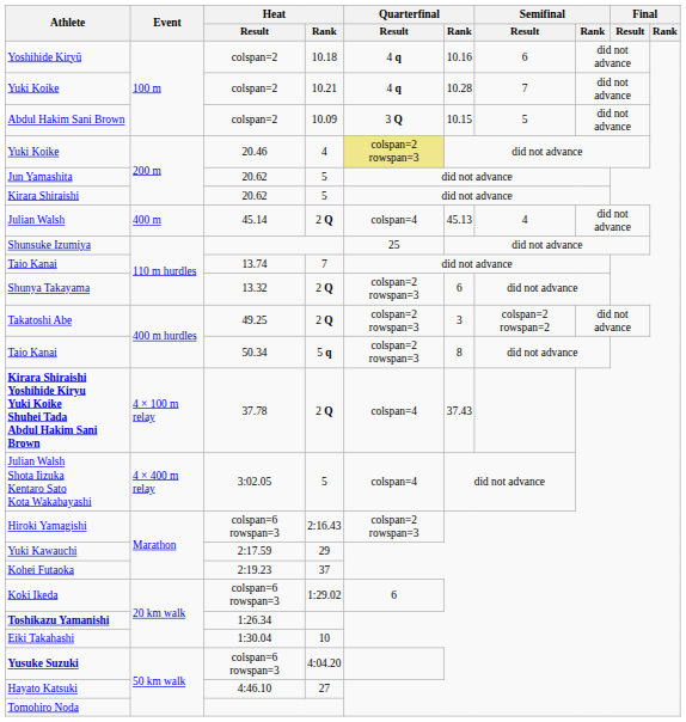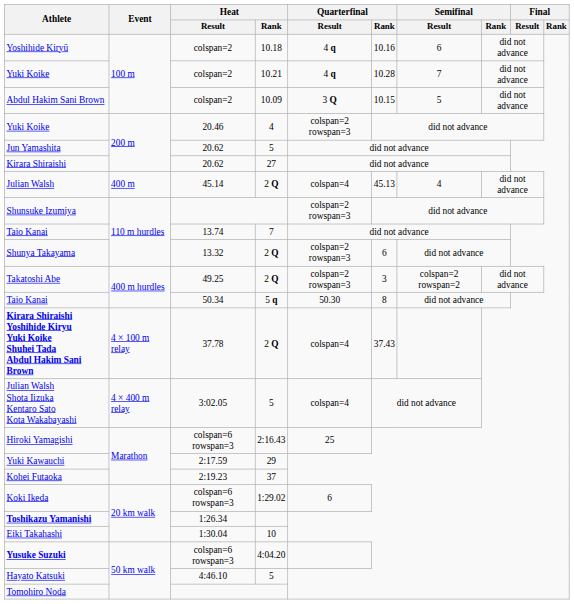 <table class="wikitable" style="font-size:90%">
 <tr>
 <th rowspan="2">Athlete</th>
 <th rowspan="2">Event</th>
 <th colspan="2">Heat</th>
 <th colspan="2">Quarterfinal</th>
 <th colspan="2">Semifinal</th>
 <th colspan="2">Final</th>
 </tr>
 <tr style="font-size:95%">
 <th>Result</th>
 <th>Rank</th>
 <th>Result</th>
 <th>Rank</th>
 <th>Result</th>
 <th>Rank</th>
 <th>Result</th>
 <th>Rank</th>
 </tr>
 <tr align=center>
 <td align=left><a href='#'>Yoshihide Kiryū</a></td>
 <td align=left rowspan=3><a href='#'>100 m</a></td>
 <td>colspan=2 </td>
 <td>10.18</td>
 <td>4 <strong>q</strong></td>
 <td>10.16</td>
 <td>6</td>
 <td colspan="2">did not advance</td>
 </tr>
 <tr align=center>
 <td align=left><a href='#'>Yuki Koike</a></td>
 <td>colspan=2 </td>
 <td>10.21</td>
 <td>4 <strong>q</strong></td>
 <td>10.28</td>
 <td>7</td>
 <td colspan="2">did not advance</td>
 </tr>
 <tr align=center>
 <td align=left><a href='#'>Abdul Hakim Sani Brown</a></td>
 <td>colspan=2 </td>
 <td>10.09</td>
 <td>3 <strong>Q</strong></td>
 <td>10.15</td>
 <td>5</td>
 <td colspan="2">did not advance</td>
 </tr>
 <tr align=center>
 <td align=left><a href='#'>Yuki Koike</a></td>
 <td align=left rowspan=3><a href='#'>200 m</a></td>
 <td>20.46</td>
 <td>4</td>
-<td style="background: khaki;">colspan=2 rowspan=3 </td>
+<td>colspan=2 rowspan=3 </td>
 <td colspan="4">did not advance</td>
 </tr>
 <tr align=center>
 <td align=left><a href='#'>Jun Yamashita</a></td>
 <td>20.62</td>
 <td>5</td>
 <td colspan="4">did not advance</td>
 </tr>
 <tr align=center>
 <td align=left><a href='#'>Kirara Shiraishi</a></td>
 <td>20.62</td>
-<td>5</td>
+<td>27</td>
 <td colspan="4">did not advance</td>
 </tr>
 <tr align=center>
 <td align=left><a href='#'>Julian Walsh</a></td>
 <td align=left><a href='#'>400 m</a></td>
 <td>45.14 </td>
 <td>2 <strong>Q</strong></td>
 <td>colspan=4 </td>
 <td>45.13 </td>
 <td>4</td>
 <td colspan="2">did not advance</td>
 </tr>
 <tr align=center>
 <td align=left><a href='#'>Shunsuke Izumiya</a></td>
 <td align=left rowspan=3><a href='#'>110 m hurdles</a></td>
 <td colspan=2></td>
-<td>25</td>
+<td>colspan=2 rowspan=3 </td>
 <td colspan="4">did not advance</td>
 </tr>
 <tr align=center>
 <td align=left><a href='#'>Taio Kanai</a></td>
 <td>13.74</td>
 <td>7</td>
 <td colspan="4">did not advance</td>
 </tr>
 <tr align=center>
 <td align=left><a href='#'>Shunya Takayama</a></td>
 <td>13.32</td>
 <td>2 <strong>Q</strong></td>
 <td>colspan=2 rowspan=3 </td>
 <td>6</td>
 <td colspan="2">did not advance</td>
 </tr>
 <tr align=center>
 <td align=left><a href='#'>Takatoshi Abe</a></td>
 <td align=left rowspan=2><a href='#'>400 m hurdles</a></td>
 <td>49.25</td>
 <td>2 <strong>Q</strong></td>
 <td>colspan=2 rowspan=3 </td>
 <td>3</td>
 <td>colspan=2 rowspan=2 </td>
 <td colspan="2">did not advance</td>
 </tr>
 <tr align=center>
 <td align=left><a href='#'>Taio Kanai</a></td>
 <td>50.34</td>
 <td>5 <strong>q</strong></td>
-<td>colspan=2 rowspan=3 </td>
+<td>50.30</td>
 <td>8</td>
 <td colspan="2">did not advance</td>
 </tr>
 <tr align=center>
 <td align=left><strong><a href='#'>Kirara Shiraishi</a><br><a href='#'>Yoshihide Kiryu</a><br><a href='#'>Yuki Koike</a><br><a href='#'>Shuhei Tada</a><br><a href='#'>Abdul Hakim Sani Brown</a></strong></td>
 <td align=left><a href='#'>4 × 100 m relay</a></td>
 <td>37.78 </td>
 <td>2 <strong>Q</strong></td>
 <td>colspan=4 </td>
 <td>37.43 <strong></strong></td>
 <td></td>
 </tr>
 <tr align=center>
 <td align=left><a href='#'>Julian Walsh</a><br><a href='#'>Shota Iizuka</a><br><a href='#'>Kentaro Sato</a><br><a href='#'>Kota Wakabayashi</a></td>
 <td align=left><a href='#'>4 × 400 m relay</a></td>
 <td>3:02.05 </td>
 <td>5</td>
 <td>colspan=4 </td>
 <td colspan="2">did not advance</td>
 </tr>
 <tr align=center>
 <td align=left><a href='#'>Hiroki Yamagishi</a></td>
 <td align=left rowspan=3><a href='#'>Marathon</a></td>
 <td>colspan=6 rowspan=3 </td>
 <td>2:16.43 </td>
-<td>colspan=2 rowspan=3 </td>
+<td>25</td>
 </tr>
 <tr align=center>
 <td align=left><a href='#'>Yuki Kawauchi</a></td>
 <td>2:17.59</td>
 <td>29</td>
 </tr>
 <tr align=center>
 <td align=left><a href='#'>Kohei Futaoka</a></td>
 <td>2:19.23</td>
 <td>37</td>
 </tr>
 <tr align=center>
 <td align=left><a href='#'>Koki Ikeda</a></td>
 <td align=left rowspan=3><a href='#'>20 km walk</a></td>
 <td>colspan=6 rowspan=3 </td>
 <td>1:29.02</td>
 <td>6</td>
 </tr>
 <tr align=center>
 <td align=left><strong><a href='#'>Toshikazu Yamanishi</a></strong></td>
 <td>1:26.34</td>
 <td></td>
 </tr>
 <tr align=center>
 <td align=left><a href='#'>Eiki Takahashi</a></td>
 <td>1:30.04</td>
 <td>10</td>
 </tr>
 <tr align=center>
 <td align=left><strong><a href='#'>Yusuke Suzuki</a></strong></td>
 <td align=left rowspan=3><a href='#'>50 km walk</a></td>
 <td>colspan=6 rowspan=3 </td>
 <td>4:04.20</td>
 <td></td>
 </tr>
 <tr align=center>
 <td align=left><a href='#'>Hayato Katsuki</a></td>
 <td>4:46.10</td>
-<td>27</td>
+<td>5</td>
 </tr>
 <tr align=center>
 <td align=left><a href='#'>Tomohiro Noda</a></td>
 <td colspan=2></td>
 </tr>
 </table>
